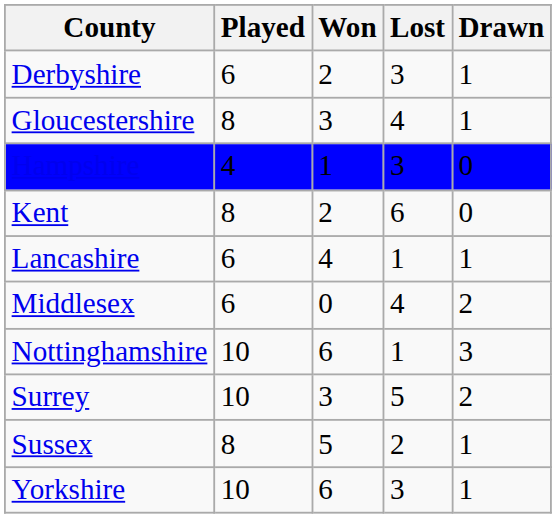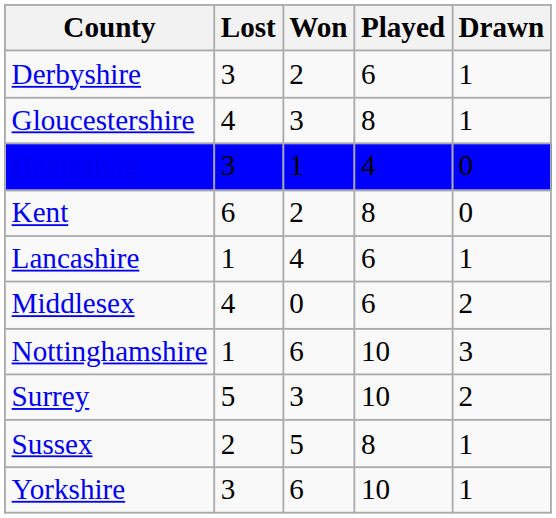 <table class="wikitable sortable">
 <tr>
 <th>County</th>
+<th>Lost</th>
+<th>Won</th>
 <th>Played</th>
-<th>Won</th>
-<th>Lost</th>
 <th>Drawn</th>
 </tr>
 <tr>
 <td><a href='#'>Derbyshire</a></td>
+<td>3</td>
+<td>2</td>
 <td>6</td>
-<td>2</td>
-<td>3</td>
 <td>1</td>
 </tr>
 <tr>
 <td><a href='#'>Gloucestershire</a></td>
+<td>4</td>
+<td>3</td>
 <td>8</td>
-<td>3</td>
-<td>4</td>
 <td>1</td>
 </tr>
 <tr style="background:blue">
 <td><a href='#'>Hampshire</a></td>
+<td>3</td>
+<td>1</td>
 <td>4</td>
-<td>1</td>
-<td>3</td>
 <td>0</td>
 </tr>
 <tr>
 <td><a href='#'>Kent</a></td>
+<td>6</td>
+<td>2</td>
 <td>8</td>
-<td>2</td>
-<td>6</td>
 <td>0</td>
 </tr>
 <tr>
 <td><a href='#'>Lancashire</a></td>
+<td>1</td>
+<td>4</td>
 <td>6</td>
-<td>4</td>
-<td>1</td>
 <td>1</td>
 </tr>
 <tr>
 <td><a href='#'>Middlesex</a></td>
+<td>4</td>
+<td>0</td>
 <td>6</td>
-<td>0</td>
-<td>4</td>
 <td>2</td>
 </tr>
 <tr>
 <td><a href='#'>Nottinghamshire</a></td>
+<td>1</td>
+<td>6</td>
 <td>10</td>
-<td>6</td>
-<td>1</td>
 <td>3</td>
 </tr>
 <tr>
 <td><a href='#'>Surrey</a></td>
+<td>5</td>
+<td>3</td>
 <td>10</td>
-<td>3</td>
-<td>5</td>
 <td>2</td>
 </tr>
 <tr>
 <td><a href='#'>Sussex</a></td>
+<td>2</td>
+<td>5</td>
 <td>8</td>
-<td>5</td>
-<td>2</td>
 <td>1</td>
 </tr>
 <tr>
 <td><a href='#'>Yorkshire</a></td>
+<td>3</td>
+<td>6</td>
 <td>10</td>
-<td>6</td>
-<td>3</td>
 <td>1</td>
 </tr>
 </table>
